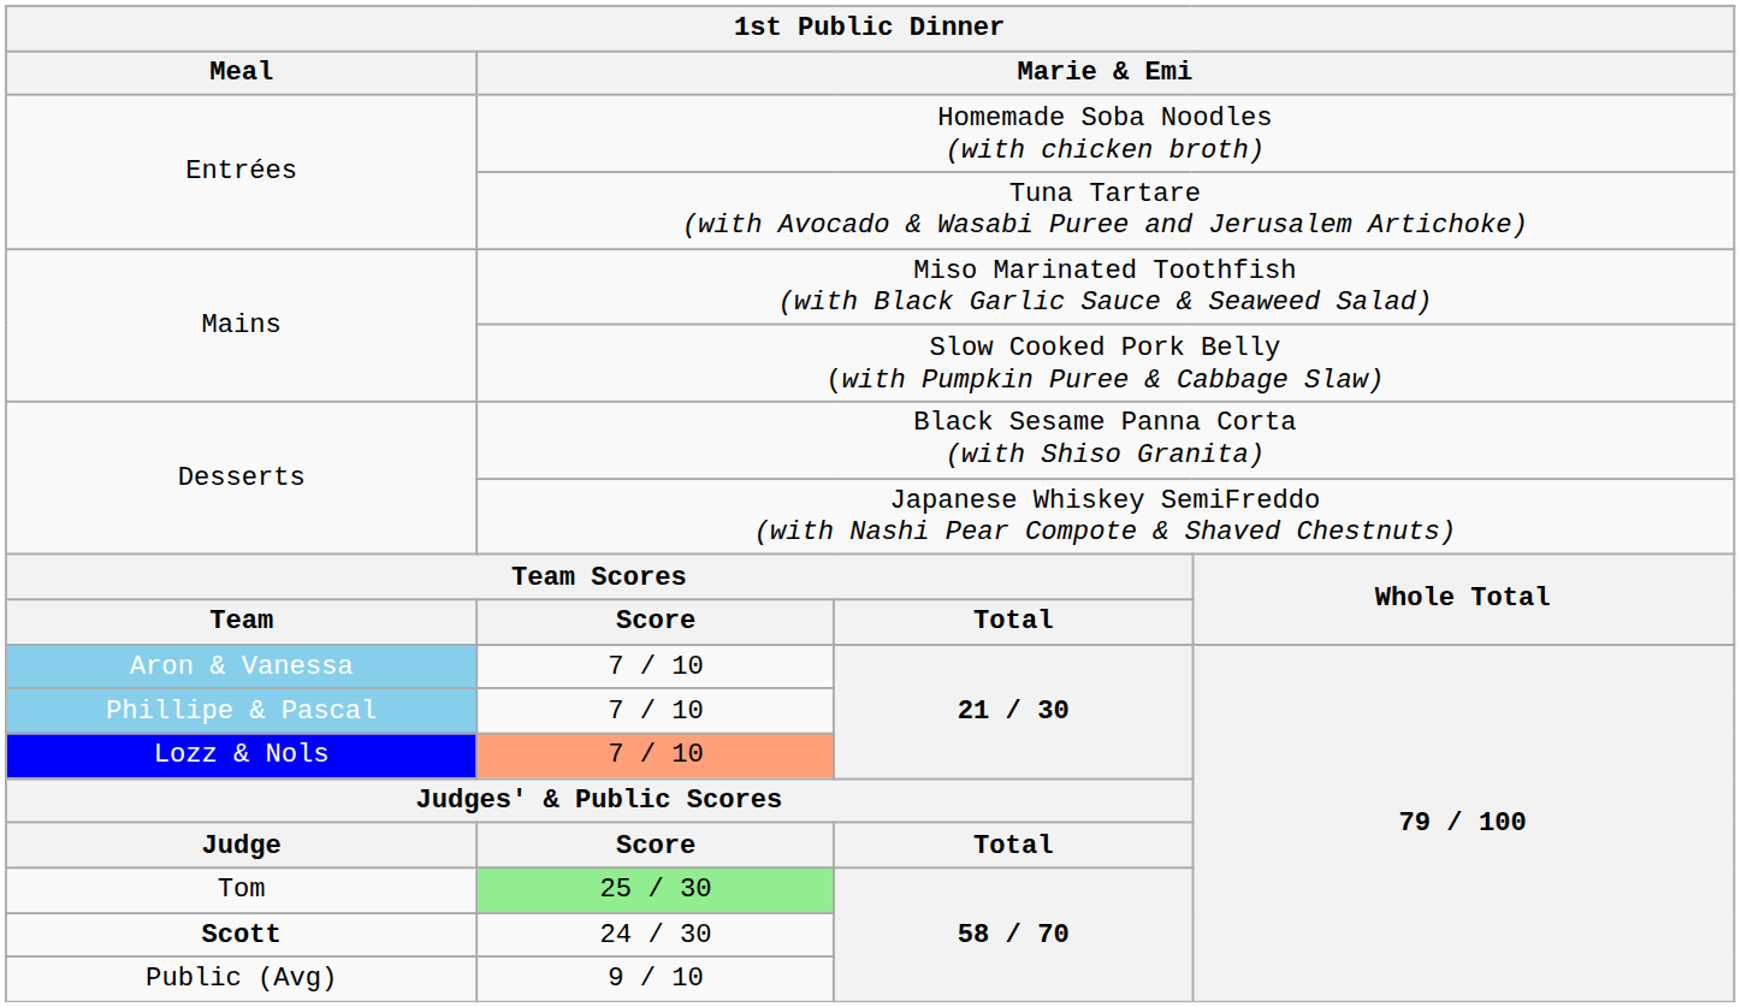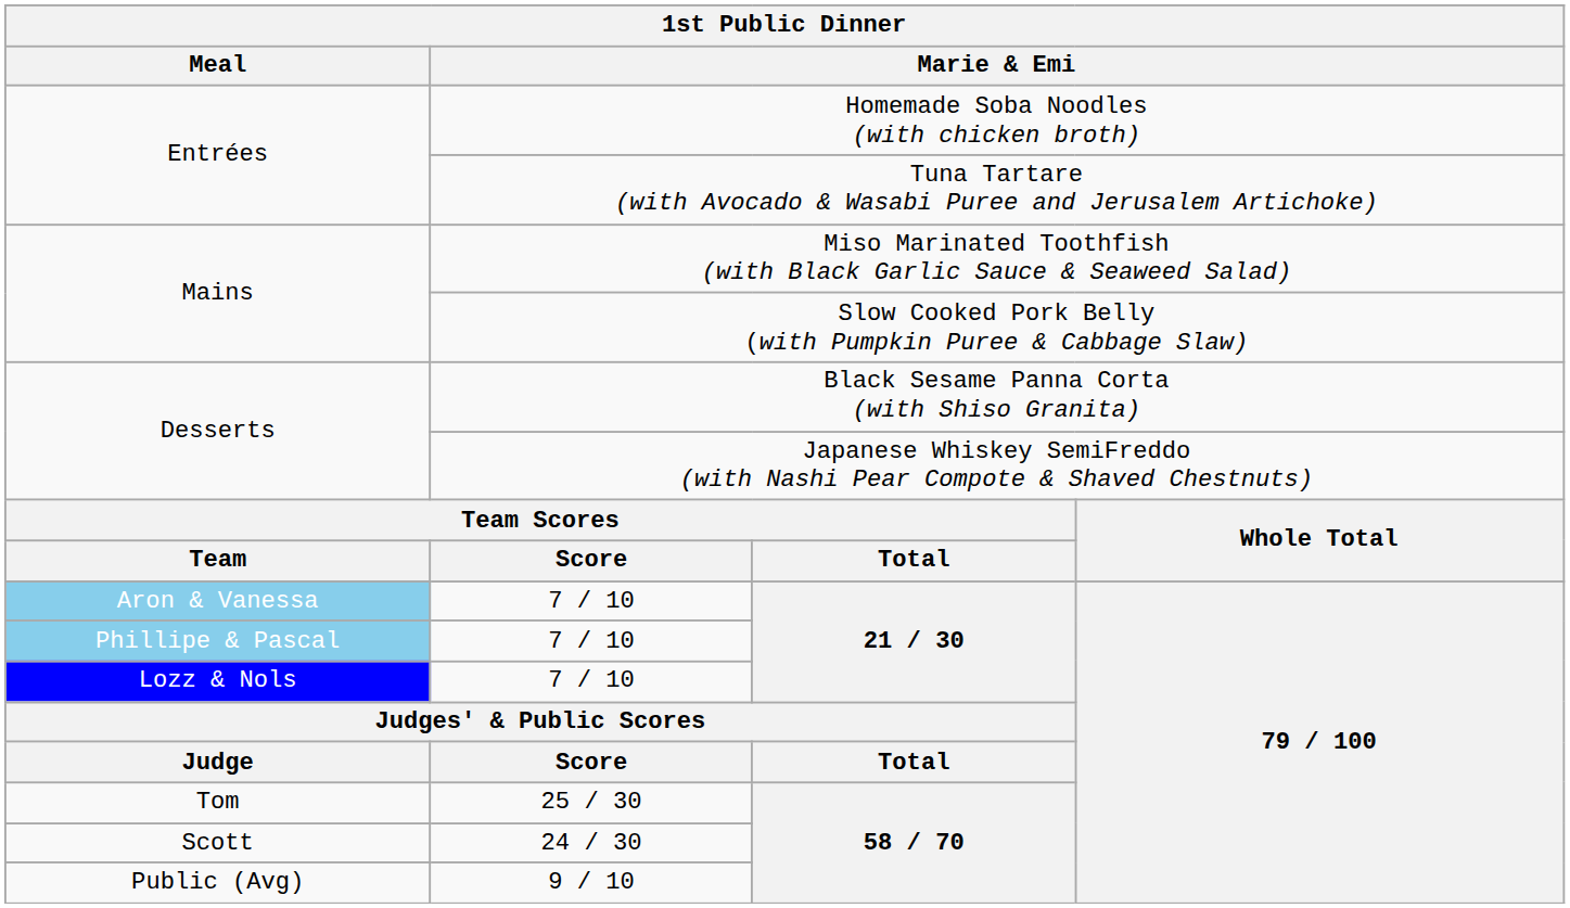 <table class="wikitable plainrowheaders" style="text-align:center; font-size:90%; width:65em;">
 <tr>
 <th colspan="4" >1st Public Dinner</th>
 </tr>
 <tr>
 <th style="width:15%;">Meal</th>
 <th colspan="3" style="width:40%;">Marie & Emi</th>
 </tr>
 <tr>
 <td rowspan="2">Entrées</td>
 <td colspan="3">Homemade Soba Noodles<br><em>(with chicken broth)</em></td>
 </tr>
 <tr>
 <td colspan="3">Tuna Tartare<br><em>(with Avocado & Wasabi Puree and Jerusalem Artichoke)</em></td>
 </tr>
 <tr>
 <td rowspan="2">Mains</td>
 <td colspan="3">Miso Marinated Toothfish<br><em>(with Black Garlic Sauce & Seaweed Salad)</em></td>
 </tr>
 <tr>
 <td colspan="3">Slow Cooked Pork Belly<br>(<em>with Pumpkin Puree & Cabbage Slaw)</em></td>
 </tr>
 <tr>
 <td rowspan="2">Desserts</td>
 <td colspan="3">Black Sesame Panna Corta<br><em>(with Shiso Granita)</em></td>
 </tr>
 <tr>
 <td colspan="3">Japanese Whiskey SemiFreddo<br><em>(with Nashi Pear Compote & Shaved Chestnuts)</em></td>
 </tr>
 <tr>
 <th colspan="3" >Team Scores</th>
 <th rowspan="2">Whole Total</th>
 </tr>
 <tr>
 <th>Team</th>
 <th>Score</th>
 <th>Total</th>
 </tr>
 <tr>
 <td style="background:skyblue; color:white;">Aron & Vanessa</td>
 <td>7 / 10</td>
 <th rowspan="3">21 / 30</th>
 <th rowspan="10">79 / 100</th>
 </tr>
 <tr>
 <td style="background:skyblue; color:white;">Phillipe & Pascal</td>
 <td>7 / 10</td>
 </tr>
 <tr>
 <td style="background:blue; color:white;">Lozz & Nols</td>
-<td style="background: lightsalmon;">7 / 10</td>
+<td>7 / 10</td>
 </tr>
 <tr>
 <th colspan="3" >Judges' & Public Scores</th>
 </tr>
 <tr>
 <th>Judge</th>
 <th>Score</th>
 <th>Total</th>
 </tr>
 <tr>
 <td>Tom</td>
-<td style="background: lightgreen;">25 / 30</td>
+<td>25 / 30</td>
 <th rowspan="3">58 / 70</th>
 </tr>
 <tr>
-<td><strong>Scott</strong></td>
+<td>Scott</td>
 <td>24 / 30</td>
 </tr>
 <tr>
 <td>Public (Avg)</td>
 <td>9 / 10</td>
 </tr>
 </table>
